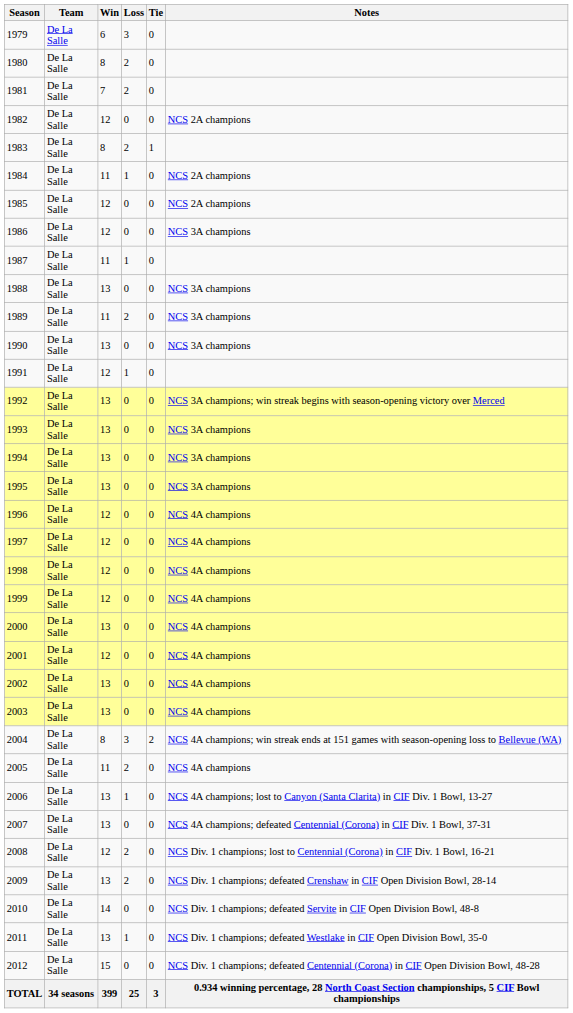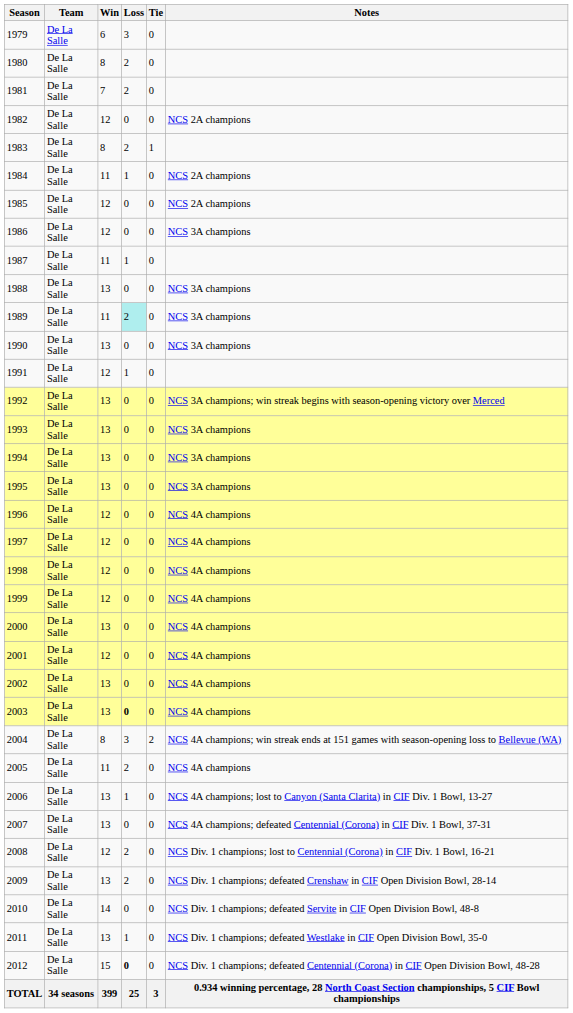 <table class="wikitable">
 <tr>
 <th>Season</th>
 <th>Team</th>
 <th>Win</th>
 <th>Loss</th>
 <th>Tie</th>
 <th>Notes</th>
 </tr>
 <tr>
 <td>1979</td>
 <td><a href='#'>De La Salle</a></td>
 <td>6</td>
 <td>3</td>
 <td>0</td>
 </tr>
 <tr>
 <td>1980</td>
 <td>De La Salle</td>
 <td>8</td>
 <td>2</td>
 <td>0</td>
 <td></td>
 </tr>
 <tr>
 <td>1981</td>
 <td>De La Salle</td>
 <td>7</td>
 <td>2</td>
 <td>0</td>
 <td></td>
 </tr>
 <tr>
 <td>1982</td>
 <td>De La Salle</td>
 <td>12</td>
 <td>0</td>
 <td>0</td>
 <td><a href='#'>NCS</a> 2A champions</td>
 </tr>
 <tr>
 <td>1983</td>
 <td>De La Salle</td>
 <td>8</td>
 <td>2</td>
 <td>1</td>
 <td></td>
 </tr>
 <tr>
 <td>1984</td>
 <td>De La Salle</td>
 <td>11</td>
 <td>1</td>
 <td>0</td>
 <td><a href='#'>NCS</a> 2A champions</td>
 </tr>
 <tr>
 <td>1985</td>
 <td>De La Salle</td>
 <td>12</td>
 <td>0</td>
 <td>0</td>
 <td><a href='#'>NCS</a> 2A champions</td>
 </tr>
 <tr>
 <td>1986</td>
 <td>De La Salle</td>
 <td>12</td>
 <td>0</td>
 <td>0</td>
 <td><a href='#'>NCS</a> 3A champions</td>
 </tr>
 <tr>
 <td>1987</td>
 <td>De La Salle</td>
 <td>11</td>
 <td>1</td>
 <td>0</td>
 <td></td>
 </tr>
 <tr>
 <td>1988</td>
 <td>De La Salle</td>
 <td>13</td>
 <td>0</td>
 <td>0</td>
 <td><a href='#'>NCS</a> 3A champions</td>
 </tr>
 <tr>
 <td>1989</td>
 <td>De La Salle</td>
 <td>11</td>
-<td>2</td>
+<td style="background: paleturquoise;">2</td>
 <td>0</td>
 <td><a href='#'>NCS</a> 3A champions</td>
 </tr>
 <tr>
 <td>1990</td>
 <td>De La Salle</td>
 <td>13</td>
 <td>0</td>
 <td>0</td>
 <td><a href='#'>NCS</a> 3A champions</td>
 </tr>
 <tr>
 <td>1991</td>
 <td>De La Salle</td>
 <td>12</td>
 <td>1</td>
 <td>0</td>
 <td></td>
 </tr>
 <tr>
 <td style="background:#ff9">1992</td>
 <td style="background:#ff9">De La Salle</td>
 <td style="background:#ff9">13</td>
 <td style="background:#ff9">0</td>
 <td style="background:#ff9">0</td>
 <td style="background:#ff9"><a href='#'>NCS</a> 3A champions; win streak begins with season-opening victory over <a href='#'>Merced</a></td>
 </tr>
 <tr>
 <td style="background:#ff9">1993</td>
 <td style="background:#ff9">De La Salle</td>
 <td style="background:#ff9">13</td>
 <td style="background:#ff9">0</td>
 <td style="background:#ff9">0</td>
 <td style="background:#ff9"><a href='#'>NCS</a> 3A champions</td>
 </tr>
 <tr>
 <td style="background:#ff9">1994</td>
 <td style="background:#ff9">De La Salle</td>
 <td style="background:#ff9">13</td>
 <td style="background:#ff9">0</td>
 <td style="background:#ff9">0</td>
 <td style="background:#ff9"><a href='#'>NCS</a> 3A champions</td>
 </tr>
 <tr>
 <td style="background:#ff9">1995</td>
 <td style="background:#ff9">De La Salle</td>
 <td style="background:#ff9">13</td>
 <td style="background:#ff9">0</td>
 <td style="background:#ff9">0</td>
 <td style="background:#ff9"><a href='#'>NCS</a> 3A champions</td>
 </tr>
 <tr>
 <td style="background:#ff9">1996</td>
 <td style="background:#ff9">De La Salle</td>
 <td style="background:#ff9">12</td>
 <td style="background:#ff9">0</td>
 <td style="background:#ff9">0</td>
 <td style="background:#ff9"><a href='#'>NCS</a> 4A champions</td>
 </tr>
 <tr>
 <td style="background:#ff9">1997</td>
 <td style="background:#ff9">De La Salle</td>
 <td style="background:#ff9">12</td>
 <td style="background:#ff9">0</td>
 <td style="background:#ff9">0</td>
 <td style="background:#ff9"><a href='#'>NCS</a> 4A champions</td>
 </tr>
 <tr>
 <td style="background:#ff9">1998</td>
 <td style="background:#ff9">De La Salle</td>
 <td style="background:#ff9">12</td>
 <td style="background:#ff9">0</td>
 <td style="background:#ff9">0</td>
 <td style="background:#ff9"><a href='#'>NCS</a> 4A champions</td>
 </tr>
 <tr>
 <td style="background:#ff9">1999</td>
 <td style="background:#ff9">De La Salle</td>
 <td style="background:#ff9">12</td>
 <td style="background:#ff9">0</td>
 <td style="background:#ff9">0</td>
 <td style="background:#ff9"><a href='#'>NCS</a> 4A champions</td>
 </tr>
 <tr>
 <td style="background:#ff9">2000</td>
 <td style="background:#ff9">De La Salle</td>
 <td style="background:#ff9">13</td>
 <td style="background:#ff9">0</td>
 <td style="background:#ff9">0</td>
 <td style="background:#ff9"><a href='#'>NCS</a> 4A champions</td>
 </tr>
 <tr>
 <td style="background:#ff9">2001</td>
 <td style="background:#ff9">De La Salle</td>
 <td style="background:#ff9">12</td>
 <td style="background:#ff9">0</td>
 <td style="background:#ff9">0</td>
 <td style="background:#ff9"><a href='#'>NCS</a> 4A champions</td>
 </tr>
 <tr>
 <td style="background:#ff9">2002</td>
 <td style="background:#ff9">De La Salle</td>
 <td style="background:#ff9">13</td>
 <td style="background:#ff9">0</td>
 <td style="background:#ff9">0</td>
 <td style="background:#ff9"><a href='#'>NCS</a> 4A champions</td>
 </tr>
 <tr>
 <td style="background:#ff9">2003</td>
 <td style="background:#ff9">De La Salle</td>
 <td style="background:#ff9">13</td>
-<td style="background:#ff9">0</td>
+<td style="background:#ff9"><strong>0</strong></td>
 <td style="background:#ff9">0</td>
 <td style="background:#ff9"><a href='#'>NCS</a> 4A champions</td>
 </tr>
 <tr>
 <td>2004</td>
 <td>De La Salle</td>
 <td>8</td>
 <td>3</td>
 <td>2</td>
 <td><a href='#'>NCS</a> 4A champions; win streak ends at 151 games with season-opening loss to <a href='#'>Bellevue (WA)</a></td>
 </tr>
 <tr>
 <td>2005</td>
 <td>De La Salle</td>
 <td>11</td>
 <td>2</td>
 <td>0</td>
 <td><a href='#'>NCS</a> 4A champions</td>
 </tr>
 <tr>
 <td>2006</td>
 <td>De La Salle</td>
 <td>13</td>
 <td>1</td>
 <td>0</td>
 <td><a href='#'>NCS</a> 4A champions; lost to <a href='#'>Canyon (Santa Clarita)</a> in <a href='#'>CIF</a> Div. 1 Bowl, 13-27</td>
 </tr>
 <tr>
 <td>2007</td>
 <td>De La Salle</td>
 <td>13</td>
 <td>0</td>
 <td>0</td>
 <td><a href='#'>NCS</a> 4A champions; defeated <a href='#'>Centennial (Corona)</a> in <a href='#'>CIF</a> Div. 1 Bowl, 37-31</td>
 </tr>
 <tr>
 <td>2008</td>
 <td>De La Salle</td>
 <td>12</td>
 <td>2</td>
 <td>0</td>
 <td><a href='#'>NCS</a> Div. 1 champions; lost to <a href='#'>Centennial (Corona)</a> in <a href='#'>CIF</a> Div. 1 Bowl, 16-21</td>
 </tr>
 <tr>
 <td>2009</td>
 <td>De La Salle</td>
 <td>13</td>
 <td>2</td>
 <td>0</td>
 <td><a href='#'>NCS</a> Div. 1 champions; defeated <a href='#'>Crenshaw</a> in <a href='#'>CIF</a> Open Division Bowl, 28-14</td>
 </tr>
 <tr>
 <td>2010</td>
 <td>De La Salle</td>
 <td>14</td>
 <td>0</td>
 <td>0</td>
 <td><a href='#'>NCS</a> Div. 1 champions; defeated <a href='#'>Servite</a> in <a href='#'>CIF</a> Open Division Bowl, 48-8</td>
 </tr>
 <tr>
 <td>2011</td>
 <td>De La Salle</td>
 <td>13</td>
 <td>1</td>
 <td>0</td>
 <td><a href='#'>NCS</a> Div. 1 champions; defeated <a href='#'>Westlake</a> in <a href='#'>CIF</a> Open Division Bowl, 35-0</td>
 </tr>
 <tr>
 <td>2012</td>
 <td>De La Salle</td>
 <td>15</td>
-<td>0</td>
+<td><strong>0</strong></td>
 <td>0</td>
 <td><a href='#'>NCS</a> Div. 1 champions; defeated <a href='#'>Centennial (Corona)</a> in <a href='#'>CIF</a> Open Division Bowl, 48-28</td>
 </tr>
 <tr>
 <th>TOTAL</th>
 <th>34 seasons</th>
 <th>399</th>
 <th>25</th>
 <th>3</th>
 <th>0.934 winning percentage, 28 <a href='#'>North Coast Section</a> championships, 5 <a href='#'>CIF</a> Bowl championships</th>
 </tr>
 </table>
